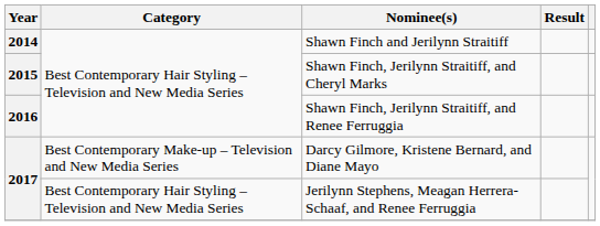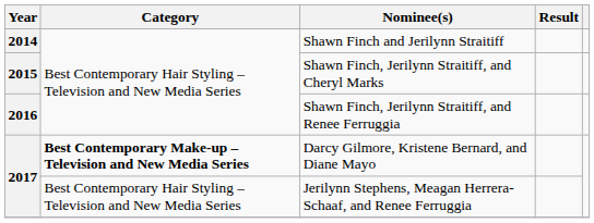 <table class="wikitable plainrowheaders" style="font-size: 95%">
 <tr>
 <th scope="col" style="width:4%;">Year</th>
 <th scope="col" style="width:50%;">Category</th>
 <th scope="col" style="width:50%;">Nominee(s)</th>
 <th scope="col" style="width:6%;">Result</th>
 <th scope="col" style="width:4%;"></th>
 </tr>
 <tr>
 <th scope="row">2014</th>
 <td rowspan="3">Best Contemporary Hair Styling – Television and New Media Series</td>
 <td>Shawn Finch and Jerilynn Straitiff</td>
 <td></td>
 <td style="text-align:center;"></td>
 </tr>
 <tr>
 <th scope="row">2015</th>
 <td>Shawn Finch, Jerilynn Straitiff, and Cheryl Marks</td>
 <td></td>
 <td style="text-align:center;"></td>
 </tr>
 <tr>
 <th scope="row">2016</th>
 <td>Shawn Finch, Jerilynn Straitiff, and Renee Ferruggia</td>
 <td></td>
 <td style="text-align:center;"></td>
 </tr>
 <tr>
 <th scope="row" rowspan="2">2017</th>
-<td>Best Contemporary Make-up – Television and New Media Series</td>
+<td><strong>Best Contemporary Make-up – Television and New Media Series</strong></td>
 <td>Darcy Gilmore, Kristene Bernard, and Diane Mayo</td>
 <td></td>
 <td style="text-align:center;" rowspan="2"></td>
 </tr>
 <tr>
 <td>Best Contemporary Hair Styling – Television and New Media Series</td>
 <td>Jerilynn Stephens, Meagan Herrera-Schaaf, and Renee Ferruggia</td>
 <td></td>
 </tr>
 <tr>
 </tr>
 </table>
